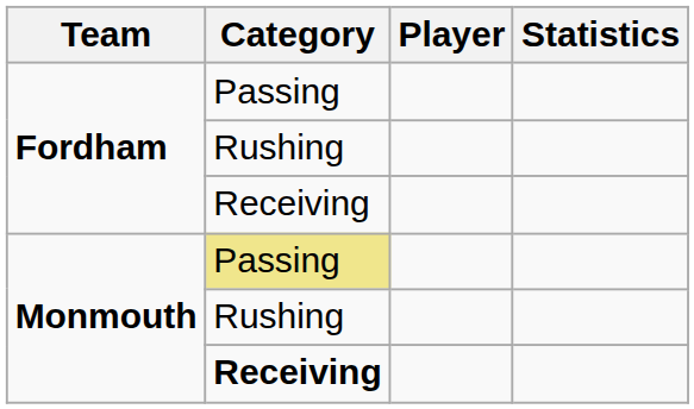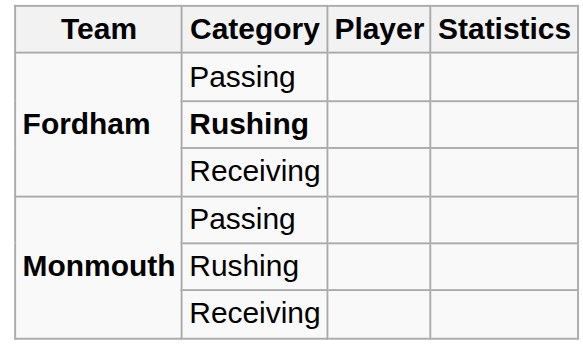 <table class="wikitable" style="float: right;">
 <tr>
 <th>Team</th>
 <th>Category</th>
 <th>Player</th>
 <th>Statistics</th>
 </tr>
 <tr>
 <td rowspan=3><strong>Fordham</strong></td>
 <td>Passing</td>
 <td></td>
 <td></td>
 </tr>
 <tr>
-<td>Rushing</td>
+<td><strong>Rushing</strong></td>
 <td></td>
 <td></td>
 </tr>
 <tr>
 <td>Receiving</td>
 <td></td>
 <td></td>
 </tr>
 <tr>
 <td rowspan=3><strong>Monmouth</strong></td>
-<td style="background: khaki;">Passing</td>
+<td>Passing</td>
 <td></td>
 <td></td>
 </tr>
 <tr>
 <td>Rushing</td>
 <td></td>
 <td></td>
 </tr>
 <tr>
-<td><strong>Receiving</strong></td>
+<td>Receiving</td>
 <td></td>
 <td></td>
 </tr>
 </table>
